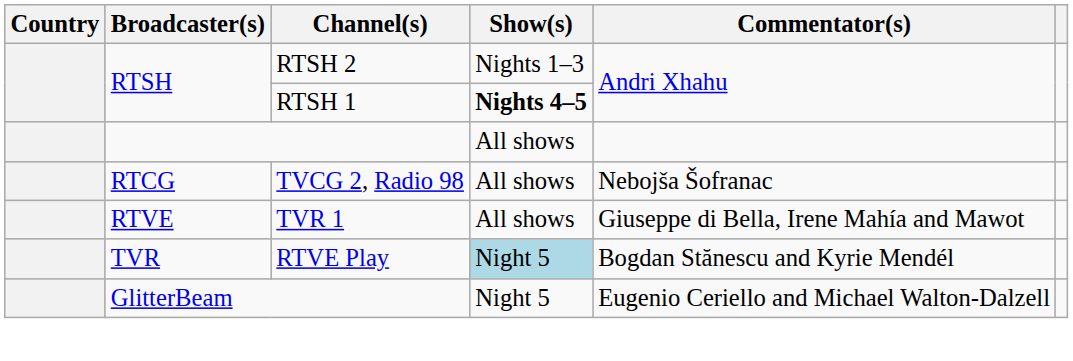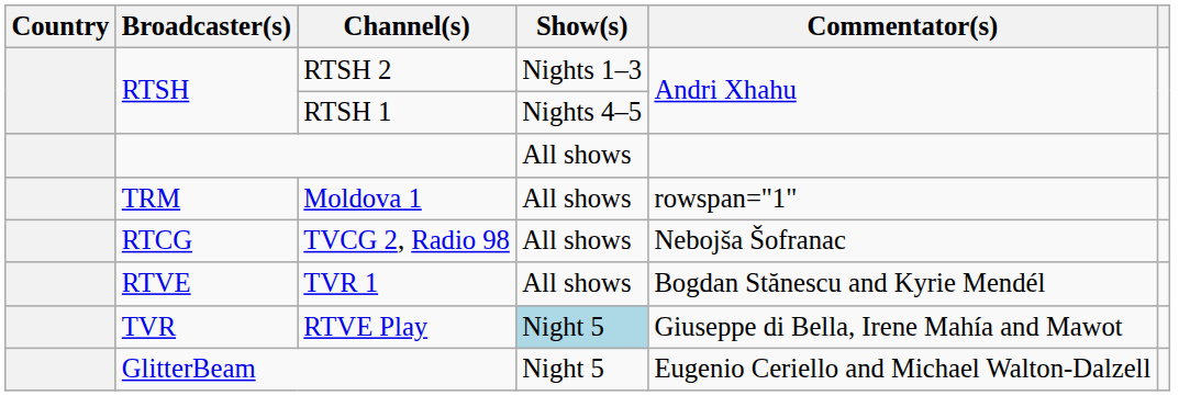 <table class="wikitable plainrowheaders">
 <tr>
 <th>Country</th>
 <th>Broadcaster(s)</th>
 <th>Channel(s)</th>
 <th>Show(s)</th>
 <th>Commentator(s)</th>
 <th></th>
 </tr>
 <tr>
 <th scope="row" rowspan="2"></th>
 <td rowspan="2"><a href='#'>RTSH</a></td>
 <td>RTSH 2</td>
 <td>Nights 1–3</td>
 <td rowspan="2"><a href='#'>Andri Xhahu</a></td>
 <td rowspan="2"></td>
 </tr>
 <tr>
 <td>RTSH 1</td>
-<td><strong>Nights 4–5</strong></td>
+<td>Nights 4–5</td>
 </tr>
 <tr>
 <th scope="row"></th>
 <td colspan="2"></td>
 <td>All shows</td>
 <td></td>
+<td></td>
+</tr>
+<tr>
+<th scope="row"></th>
+<td><a href='#'>TRM</a></td>
+<td><a href='#'>Moldova 1</a></td>
+<td>All shows</td>
+<td>rowspan="1" </td>
 <td></td>
 </tr>
 <tr>
 <th scope="row"></th>
 <td><a href='#'>RTCG</a></td>
 <td><a href='#'>TVCG 2</a>, <a href='#'>Radio 98</a></td>
 <td>All shows</td>
 <td>Nebojša Šofranac</td>
 <td></td>
 </tr>
 <tr>
 <th scope="row"></th>
 <td><a href='#'>RTVE</a></td>
 <td><a href='#'>TVR 1</a></td>
 <td>All shows</td>
-<td>Giuseppe di Bella, Irene Mahía and Mawot</td>
+<td>Bogdan Stănescu and Kyrie Mendél</td>
 <td></td>
 </tr>
 <tr>
 <th scope="row"></th>
 <td><a href='#'>TVR</a></td>
 <td><a href='#'>RTVE Play</a></td>
 <td style="background: lightblue;">Night 5</td>
-<td>Bogdan Stănescu and Kyrie Mendél</td>
+<td>Giuseppe di Bella, Irene Mahía and Mawot</td>
 <td></td>
 </tr>
 <tr>
 <th scope="row"></th>
 <td colspan="2"><a href='#'>GlitterBeam</a></td>
 <td>Night 5</td>
 <td>Eugenio Ceriello and Michael Walton-Dalzell</td>
 <td></td>
 </tr>
 </table>
